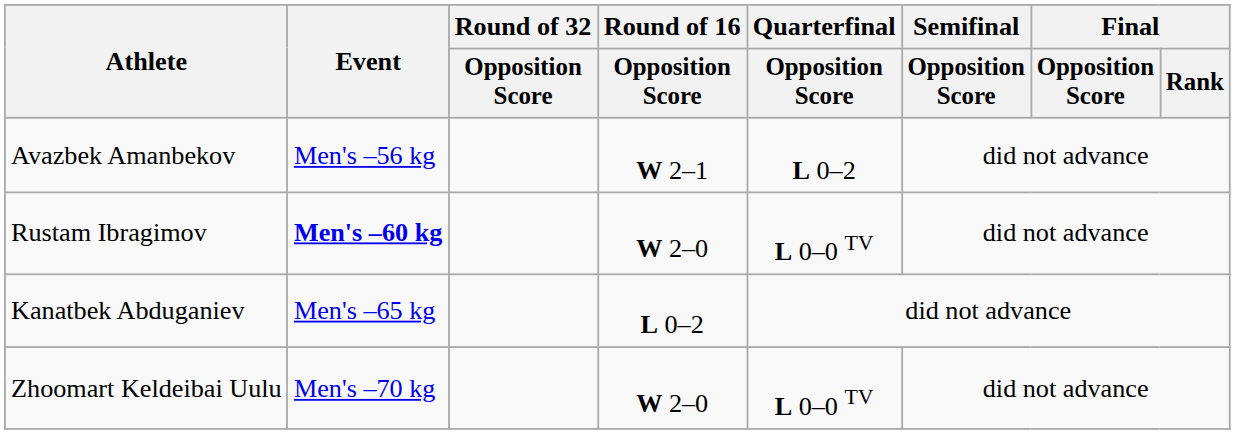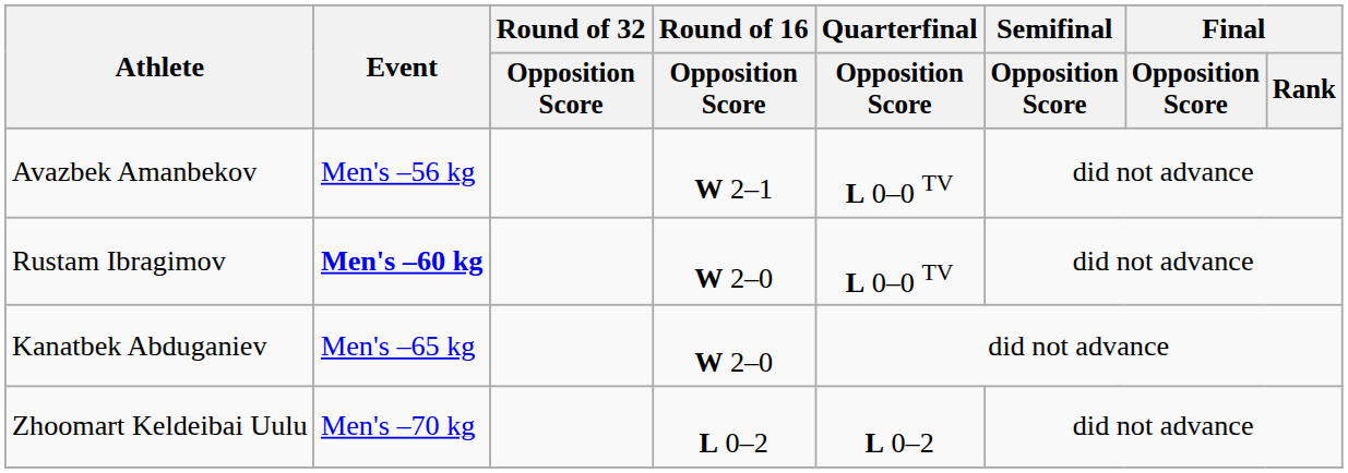 <table class=wikitable style=font-size:90%;text-align:center>
 <tr>
 <th rowspan=2>Athlete</th>
 <th rowspan=2>Event</th>
 <th>Round of 32</th>
 <th>Round of 16</th>
 <th>Quarterfinal</th>
 <th>Semifinal</th>
 <th colspan=2>Final</th>
 </tr>
 <tr style=font-size:95%>
 <th>Opposition<br>Score</th>
 <th>Opposition<br>Score</th>
 <th>Opposition<br>Score</th>
 <th>Opposition<br>Score</th>
 <th>Opposition<br>Score</th>
 <th>Rank</th>
 </tr>
 <tr>
 <td align=left>Avazbek Amanbekov</td>
 <td align=left><a href='#'>Men's –56 kg</a></td>
 <td></td>
 <td><br><strong>W</strong> 2–1</td>
-<td><br><strong>L</strong> 0–2</td>
+<td><br><strong>L</strong> 0–0 <sup>TV</sup></td>
 <td colspan=3>did not advance</td>
 </tr>
 <tr>
 <td align=left>Rustam Ibragimov</td>
 <td align=left><strong><a href='#'>Men's –60 kg</a></strong></td>
 <td></td>
 <td><br><strong>W</strong> 2–0</td>
 <td><br><strong>L</strong> 0–0 <sup>TV</sup></td>
 <td colspan=3>did not advance</td>
 </tr>
 <tr>
 <td align=left>Kanatbek Abduganiev</td>
 <td align=left><a href='#'>Men's –65 kg</a></td>
 <td></td>
-<td><br><strong>L</strong> 0–2</td>
+<td><br><strong>W</strong> 2–0</td>
 <td colspan=4>did not advance</td>
 </tr>
 <tr>
 <td align=left>Zhoomart Keldeibai Uulu</td>
 <td align=left><a href='#'>Men's –70 kg</a></td>
 <td></td>
-<td><br><strong>W</strong> 2–0</td>
-<td><br><strong>L</strong> 0–0 <sup>TV</sup></td>
+<td><br><strong>L</strong> 0–2</td>
+<td><br><strong>L</strong> 0–2</td>
 <td colspan=3>did not advance</td>
 </tr>
 </table>
